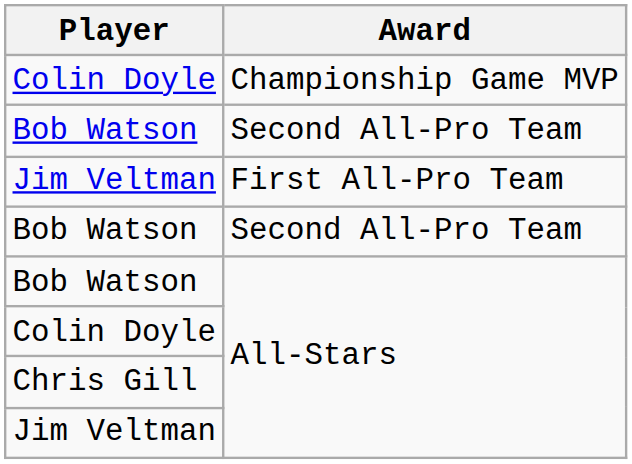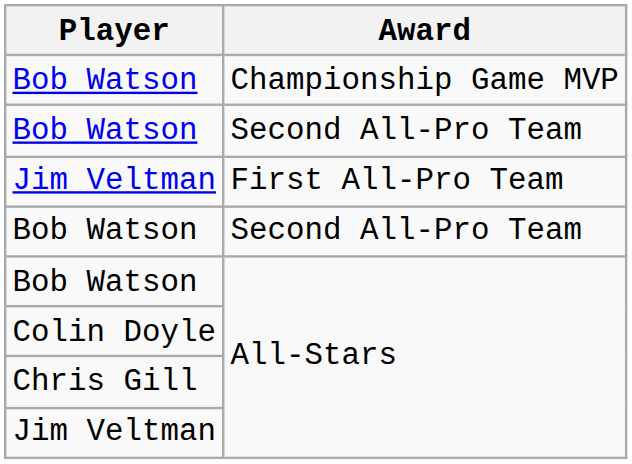 <table class="wikitable">
 <tr>
 <th>Player</th>
 <th>Award</th>
 </tr>
 <tr>
-<td><a href='#'>Colin Doyle</a></td>
+<td><a href='#'>Bob Watson</a></td>
 <td>Championship Game MVP</td>
 </tr>
 <tr>
 <td><a href='#'>Bob Watson</a></td>
 <td>Second All-Pro Team</td>
 </tr>
 <tr>
 <td><a href='#'>Jim Veltman</a></td>
 <td>First All-Pro Team</td>
 </tr>
 <tr>
 <td>Bob Watson</td>
 <td>Second All-Pro Team</td>
 </tr>
 <tr>
 <td>Bob Watson</td>
 <td rowspan=4>All-Stars</td>
 </tr>
 <tr>
 <td>Colin Doyle</td>
 </tr>
 <tr>
 <td>Chris Gill</td>
 </tr>
 <tr>
 <td>Jim Veltman</td>
 </tr>
 </table>
